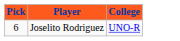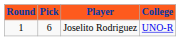 <table class="wikitable sortable sortable">
 <tr>
+<th style="background:#FE5A1D; color:#0038A8; ">Round</th>
 <th style="background:#FE5A1D; color:#0038A8; ">Pick</th>
 <th style="background:#FE5A1D; color:#0038A8; ">Player</th>
 <th style="background:#FE5A1D; color:#0038A8; ">College</th>
 </tr>
 <tr style="text-align: center">
+<td align="center">1</td>
 <td align="center">6</td>
 <td>Joselito Rodriguez</td>
 <td><a href='#'>UNO-R</a></td>
 </tr>
 </table>
